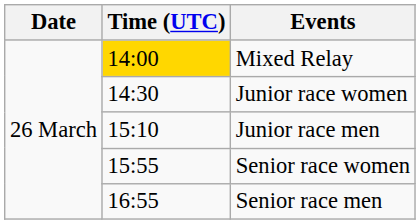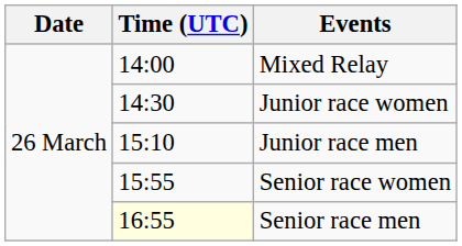 <table class="wikitable">
 <tr>
 <th>Date</th>
 <th>Time (<a href='#'>UTC</a>)</th>
 <th>Events</th>
 </tr>
 <tr>
 <td rowspan=5>26 March</td>
-<td style="background: gold;">14:00</td>
+<td>14:00</td>
 <td>Mixed Relay</td>
 </tr>
 <tr>
 <td>14:30</td>
 <td>Junior race women</td>
 </tr>
 <tr>
 <td>15:10</td>
 <td>Junior race men</td>
 </tr>
 <tr>
 <td>15:55</td>
 <td>Senior race women</td>
 </tr>
 <tr>
-<td>16:55</td>
+<td style="background: lightyellow;">16:55</td>
 <td>Senior race men</td>
 </tr>
 </table>
